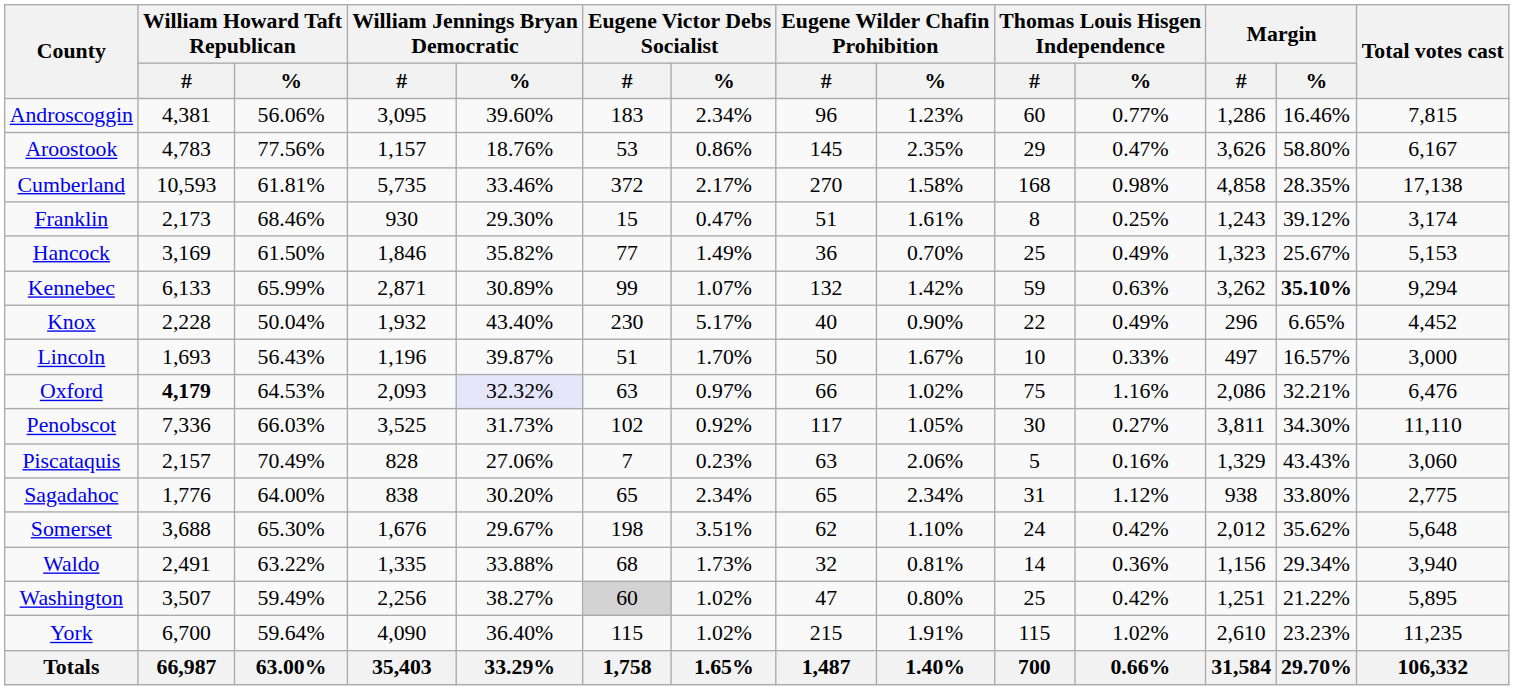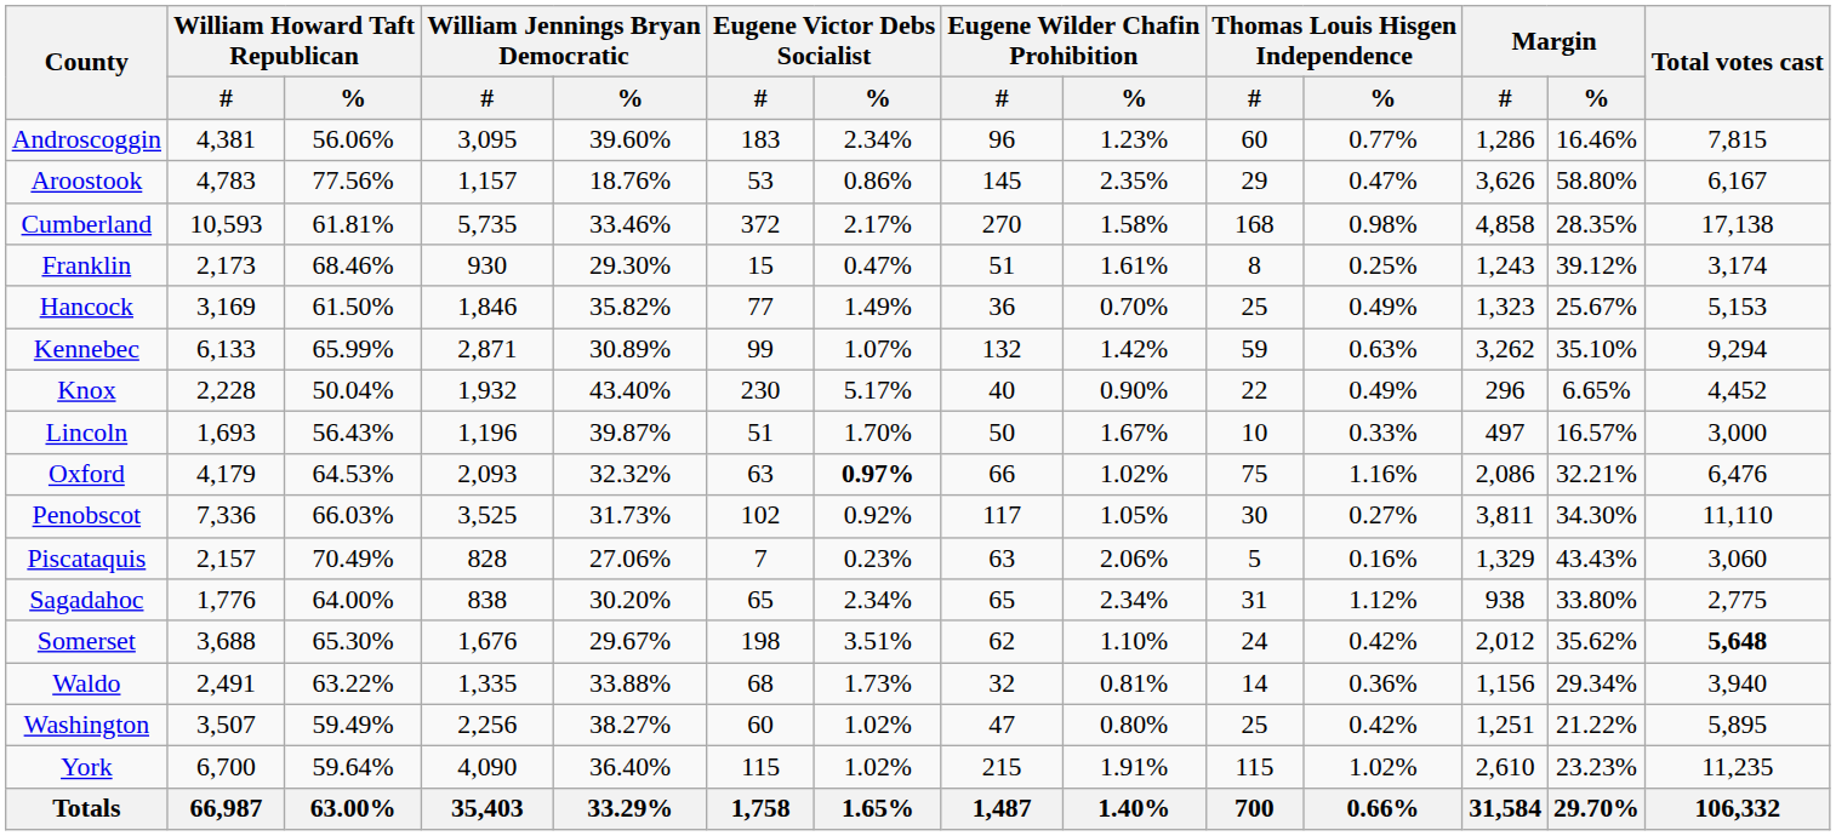 <table class="wikitable sortable">
 <tr>
 <th rowspan="2">County</th>
 <th colspan="2">William Howard Taft<br>Republican</th>
 <th colspan="2">William Jennings Bryan<br>Democratic</th>
 <th colspan="2">Eugene Victor Debs<br>Socialist</th>
 <th colspan="2">Eugene Wilder Chafin<br>Prohibition</th>
 <th colspan="2">Thomas Louis Hisgen<br>Independence</th>
 <th colspan="2">Margin</th>
 <th rowspan="2">Total votes cast</th>
 </tr>
 <tr bgcolor="lightgrey">
 <th data-sort-type="number">#</th>
 <th data-sort-type="number">%</th>
 <th data-sort-type="number">#</th>
 <th data-sort-type="number">%</th>
 <th data-sort-type="number">#</th>
 <th data-sort-type="number">%</th>
 <th data-sort-type="number">#</th>
 <th data-sort-type="number">%</th>
 <th data-sort-type="number">#</th>
 <th data-sort-type="number">%</th>
 <th data-sort-type="number">#</th>
 <th data-sort-type="number">%</th>
 </tr>
 <tr style="text-align:center;">
 <td><a href='#'>Androscoggin</a></td>
 <td>4,381</td>
 <td>56.06%</td>
 <td>3,095</td>
 <td>39.60%</td>
 <td>183</td>
 <td>2.34%</td>
 <td>96</td>
 <td>1.23%</td>
 <td>60</td>
 <td>0.77%</td>
 <td>1,286</td>
 <td>16.46%</td>
 <td>7,815</td>
 </tr>
 <tr style="text-align:center;">
 <td><a href='#'>Aroostook</a></td>
 <td>4,783</td>
 <td>77.56%</td>
 <td>1,157</td>
 <td>18.76%</td>
 <td>53</td>
 <td>0.86%</td>
 <td>145</td>
 <td>2.35%</td>
 <td>29</td>
 <td>0.47%</td>
 <td>3,626</td>
 <td>58.80%</td>
 <td>6,167</td>
 </tr>
 <tr style="text-align:center;">
 <td><a href='#'>Cumberland</a></td>
 <td>10,593</td>
 <td>61.81%</td>
 <td>5,735</td>
 <td>33.46%</td>
 <td>372</td>
 <td>2.17%</td>
 <td>270</td>
 <td>1.58%</td>
 <td>168</td>
 <td>0.98%</td>
 <td>4,858</td>
 <td>28.35%</td>
 <td>17,138</td>
 </tr>
 <tr style="text-align:center;">
 <td><a href='#'>Franklin</a></td>
 <td>2,173</td>
 <td>68.46%</td>
 <td>930</td>
 <td>29.30%</td>
 <td>15</td>
 <td>0.47%</td>
 <td>51</td>
 <td>1.61%</td>
 <td>8</td>
 <td>0.25%</td>
 <td>1,243</td>
 <td>39.12%</td>
 <td>3,174</td>
 </tr>
 <tr style="text-align:center;">
 <td><a href='#'>Hancock</a></td>
 <td>3,169</td>
 <td>61.50%</td>
 <td>1,846</td>
 <td>35.82%</td>
 <td>77</td>
 <td>1.49%</td>
 <td>36</td>
 <td>0.70%</td>
 <td>25</td>
 <td>0.49%</td>
 <td>1,323</td>
 <td>25.67%</td>
 <td>5,153</td>
 </tr>
 <tr style="text-align:center;">
 <td><a href='#'>Kennebec</a></td>
 <td>6,133</td>
 <td>65.99%</td>
 <td>2,871</td>
 <td>30.89%</td>
 <td>99</td>
 <td>1.07%</td>
 <td>132</td>
 <td>1.42%</td>
 <td>59</td>
 <td>0.63%</td>
 <td>3,262</td>
-<td><strong>35.10%</strong></td>
+<td>35.10%</td>
 <td>9,294</td>
 </tr>
 <tr style="text-align:center;">
 <td><a href='#'>Knox</a></td>
 <td>2,228</td>
 <td>50.04%</td>
 <td>1,932</td>
 <td>43.40%</td>
 <td>230</td>
 <td>5.17%</td>
 <td>40</td>
 <td>0.90%</td>
 <td>22</td>
 <td>0.49%</td>
 <td>296</td>
 <td>6.65%</td>
 <td>4,452</td>
 </tr>
 <tr style="text-align:center;">
 <td><a href='#'>Lincoln</a></td>
 <td>1,693</td>
 <td>56.43%</td>
 <td>1,196</td>
 <td>39.87%</td>
 <td>51</td>
 <td>1.70%</td>
 <td>50</td>
 <td>1.67%</td>
 <td>10</td>
 <td>0.33%</td>
 <td>497</td>
 <td>16.57%</td>
 <td>3,000</td>
 </tr>
 <tr style="text-align:center;">
 <td><a href='#'>Oxford</a></td>
-<td><strong>4,179</strong></td>
+<td>4,179</td>
 <td>64.53%</td>
 <td>2,093</td>
-<td style="background: lavender;">32.32%</td>
+<td>32.32%</td>
 <td>63</td>
-<td>0.97%</td>
+<td><strong>0.97%</strong></td>
 <td>66</td>
 <td>1.02%</td>
 <td>75</td>
 <td>1.16%</td>
 <td>2,086</td>
 <td>32.21%</td>
 <td>6,476</td>
 </tr>
 <tr style="text-align:center;">
 <td><a href='#'>Penobscot</a></td>
 <td>7,336</td>
 <td>66.03%</td>
 <td>3,525</td>
 <td>31.73%</td>
 <td>102</td>
 <td>0.92%</td>
 <td>117</td>
 <td>1.05%</td>
 <td>30</td>
 <td>0.27%</td>
 <td>3,811</td>
 <td>34.30%</td>
 <td>11,110</td>
 </tr>
 <tr style="text-align:center;">
 <td><a href='#'>Piscataquis</a></td>
 <td>2,157</td>
 <td>70.49%</td>
 <td>828</td>
 <td>27.06%</td>
 <td>7</td>
 <td>0.23%</td>
 <td>63</td>
 <td>2.06%</td>
 <td>5</td>
 <td>0.16%</td>
 <td>1,329</td>
 <td>43.43%</td>
 <td>3,060</td>
 </tr>
 <tr style="text-align:center;">
 <td><a href='#'>Sagadahoc</a></td>
 <td>1,776</td>
 <td>64.00%</td>
 <td>838</td>
 <td>30.20%</td>
 <td>65</td>
 <td>2.34%</td>
 <td>65</td>
 <td>2.34%</td>
 <td>31</td>
 <td>1.12%</td>
 <td>938</td>
 <td>33.80%</td>
 <td>2,775</td>
 </tr>
 <tr style="text-align:center;">
 <td><a href='#'>Somerset</a></td>
 <td>3,688</td>
 <td>65.30%</td>
 <td>1,676</td>
 <td>29.67%</td>
 <td>198</td>
 <td>3.51%</td>
 <td>62</td>
 <td>1.10%</td>
 <td>24</td>
 <td>0.42%</td>
 <td>2,012</td>
 <td>35.62%</td>
-<td>5,648</td>
+<td><strong>5,648</strong></td>
 </tr>
 <tr style="text-align:center;">
 <td><a href='#'>Waldo</a></td>
 <td>2,491</td>
 <td>63.22%</td>
 <td>1,335</td>
 <td>33.88%</td>
 <td>68</td>
 <td>1.73%</td>
 <td>32</td>
 <td>0.81%</td>
 <td>14</td>
 <td>0.36%</td>
 <td>1,156</td>
 <td>29.34%</td>
 <td>3,940</td>
 </tr>
 <tr style="text-align:center;">
 <td><a href='#'>Washington</a></td>
 <td>3,507</td>
 <td>59.49%</td>
 <td>2,256</td>
 <td>38.27%</td>
-<td style="background: lightgrey;">60</td>
+<td>60</td>
 <td>1.02%</td>
 <td>47</td>
 <td>0.80%</td>
 <td>25</td>
 <td>0.42%</td>
 <td>1,251</td>
 <td>21.22%</td>
 <td>5,895</td>
 </tr>
 <tr style="text-align:center;">
 <td><a href='#'>York</a></td>
 <td>6,700</td>
 <td>59.64%</td>
 <td>4,090</td>
 <td>36.40%</td>
 <td>115</td>
 <td>1.02%</td>
 <td>215</td>
 <td>1.91%</td>
 <td>115</td>
 <td>1.02%</td>
 <td>2,610</td>
 <td>23.23%</td>
 <td>11,235</td>
 </tr>
 <tr>
 <th>Totals</th>
 <th>66,987</th>
 <th>63.00%</th>
 <th>35,403</th>
 <th>33.29%</th>
 <th>1,758</th>
 <th>1.65%</th>
 <th>1,487</th>
 <th>1.40%</th>
 <th>700</th>
 <th>0.66%</th>
 <th>31,584</th>
 <th>29.70%</th>
 <th>106,332</th>
 </tr>
 </table>
